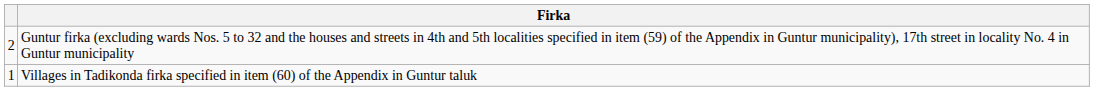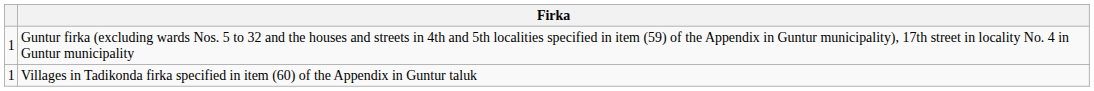 <table class="wikitable sortable">
 <tr>
 <th></th>
 <th>Firka</th>
 </tr>
 <tr>
-<td>2</td>
+<td>1</td>
 <td>Guntur firka (excluding wards Nos. 5 to 32 and the houses and streets in 4th and 5th localities specified in item (59) of the Appendix in Guntur municipality), 17th street in locality No. 4 in Guntur municipality</td>
 </tr>
 <tr>
 <td>1</td>
 <td>Villages in Tadikonda firka specified in item (60) of the Appendix in Guntur taluk</td>
 </tr>
 </table>
